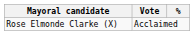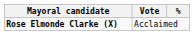 <table class="wikitable">
 <tr>
 <th bgcolor="#DDDDFF" width="200px">Mayoral candidate</th>
 <th bgcolor="#DDDDFF" width="50px">Vote</th>
 <th bgcolor="#DDDDFF"  width="30px">%</th>
 </tr>
 <tr>
-<td>Rose Elmonde Clarke (X)</td>
+<td><strong>Rose Elmonde Clarke (X)</strong></td>
 <td colspan="2">Acclaimed</td>
 </tr>
 </table>
